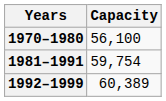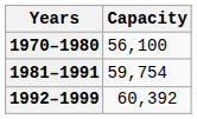 <table class="wikitable">
 <tr>
 <th scope="row">Years</th>
 <th scope="row">Capacity</th>
 </tr>
 <tr>
 <th scope="row">1970–1980</th>
 <td>56,100</td>
 </tr>
 <tr>
 <th scope="row">1981–1991</th>
 <td>59,754</td>
 </tr>
 <tr>
 <th scope="row">1992–1999</th>
-<td style="text-align:center">60,389</td>
+<td style="text-align:center">60,392</td>
 </tr>
 </table>
